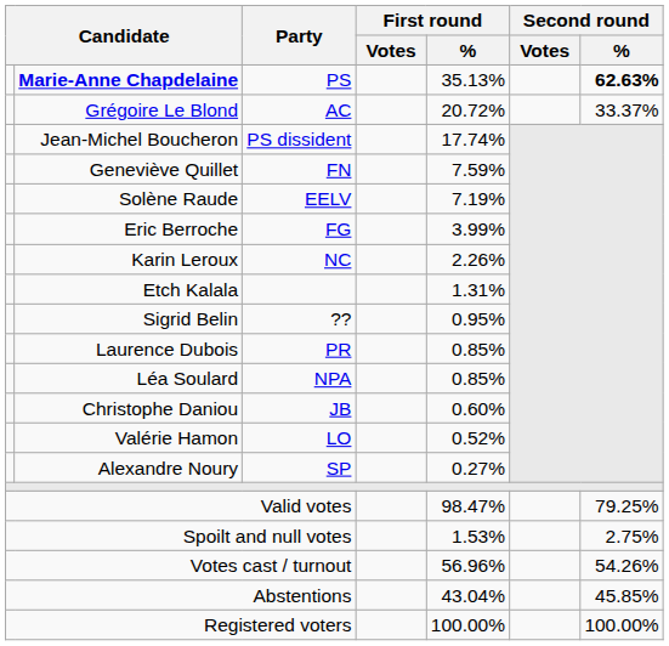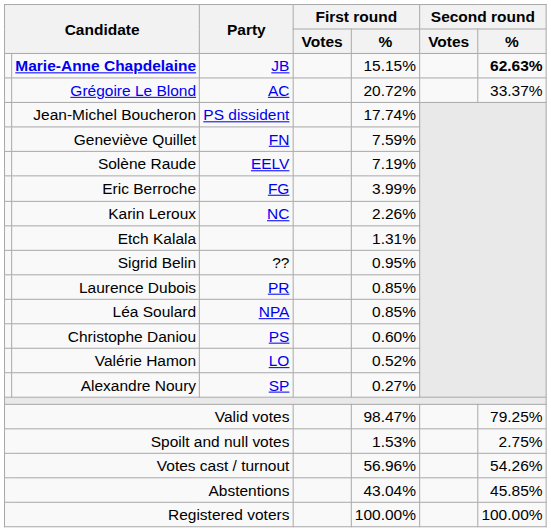 <table class="wikitable" style="text-align:right;font-size:95%;">
 <tr>
 <th rowspan=2 colspan=2>Candidate</th>
 <th rowspan=2 colspan=1>Party</th>
 <th colspan=2>First round</th>
 <th colspan=2>Second round</th>
 </tr>
 <tr>
 <th style="width:50px;">Votes</th>
 <th style="width:55px;">%</th>
 <th style="width:50px;">Votes</th>
 <th style="width:55px;">%</th>
 </tr>
 <tr>
 <td style="color:inherit;background-color:"></td>
 <td><strong><a href='#'>Marie-Anne Chapdelaine</a></strong></td>
-<td><a href='#'>PS</a></td>
+<td><a href='#'>JB</a> </td>
 <td></td>
-<td>35.13%</td>
+<td>15.15%</td>
 <td><strong></strong></td>
 <td><strong>62.63%</strong></td>
 </tr>
 <tr>
 <td style="color:inherit;background-color:"></td>
 <td><a href='#'>Grégoire Le Blond</a></td>
 <td><a href='#'>AC</a></td>
 <td></td>
 <td>20.72%</td>
 <td></td>
 <td>33.37%</td>
 </tr>
 <tr>
 <td style="color:inherit;background-color:"></td>
 <td>Jean-Michel Boucheron</td>
 <td><a href='#'>PS dissident</a></td>
 <td></td>
 <td>17.74%</td>
 <td colspan=7 rowspan=12 style="background-color:#E9E9E9;"></td>
 </tr>
 <tr>
 <td style="color:inherit;background-color:"></td>
 <td>Geneviève Quillet</td>
 <td><a href='#'>FN</a></td>
 <td></td>
 <td>7.59%</td>
 </tr>
 <tr>
 <td style="color:inherit;background-color:"></td>
 <td>Solène Raude</td>
 <td><a href='#'>EELV</a></td>
 <td></td>
 <td>7.19%</td>
 </tr>
 <tr>
 <td style="color:inherit;background-color:"></td>
 <td>Eric Berroche</td>
 <td><a href='#'>FG</a></td>
 <td></td>
 <td>3.99%</td>
 </tr>
 <tr>
 <td style="color:inherit;background-color:"></td>
 <td>Karin Leroux</td>
 <td><a href='#'>NC</a></td>
 <td></td>
 <td>2.26%</td>
 </tr>
 <tr>
 <td style="background-color:;"></td>
 <td>Etch Kalala</td>
 <td></td>
 <td></td>
 <td>1.31%</td>
 </tr>
 <tr>
 <td style="background-color:;"></td>
 <td>Sigrid Belin</td>
 <td>??</td>
 <td></td>
 <td>0.95%</td>
 </tr>
 <tr>
 <td style="color:inherit;background-color:"></td>
 <td>Laurence Dubois</td>
 <td><a href='#'>PR</a></td>
 <td></td>
 <td>0.85%</td>
 </tr>
 <tr>
 <td style="color:inherit;background-color:"></td>
 <td>Léa Soulard</td>
 <td><a href='#'>NPA</a></td>
 <td></td>
 <td>0.85%</td>
 </tr>
 <tr>
 <td style="color:inherit;background-color:"></td>
 <td>Christophe Daniou</td>
-<td><a href='#'>JB</a> </td>
+<td><a href='#'>PS</a></td>
 <td></td>
 <td>0.60%</td>
 </tr>
 <tr>
 <td style="color:inherit;background-color:"></td>
 <td>Valérie Hamon</td>
 <td><a href='#'>LO</a></td>
 <td></td>
 <td>0.52%</td>
 </tr>
 <tr>
 <td style="color:inherit;background-color:"></td>
 <td>Alexandre Noury</td>
 <td><a href='#'>SP</a></td>
 <td></td>
 <td>0.27%</td>
 </tr>
 <tr>
 <td colspan=7 style="background-color:#E9E9E9;"></td>
 </tr>
 <tr>
 <td colspan=3>Valid votes</td>
 <td></td>
 <td>98.47%</td>
 <td></td>
 <td>79.25%</td>
 </tr>
 <tr>
 <td colspan=3>Spoilt and null votes</td>
 <td></td>
 <td>1.53%</td>
 <td></td>
 <td>2.75%</td>
 </tr>
 <tr>
 <td colspan=3>Votes cast / turnout</td>
 <td></td>
 <td>56.96%</td>
 <td></td>
 <td>54.26%</td>
 </tr>
 <tr>
 <td colspan=3>Abstentions</td>
 <td></td>
 <td>43.04%</td>
 <td></td>
 <td>45.85%</td>
 </tr>
 <tr>
 <td colspan=3>Registered voters</td>
 <td></td>
 <td>100.00%</td>
 <td></td>
 <td>100.00%</td>
 </tr>
 </table>
